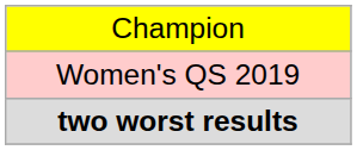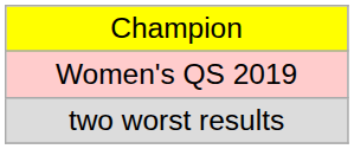 <table class="wikitable"  style="width:15%; text-align:center;">
 <tr>
 <td style="background:yellow;">Champion</td>
 </tr>
 <tr>
 <td style="background:#fcc;">Women's QS 2019</td>
 </tr>
 <tr>
-<td style="background:#dcdcdc;"><strong>two worst results</strong></td>
+<td style="background:#dcdcdc;">two worst results</td>
 </tr>
 </table>
